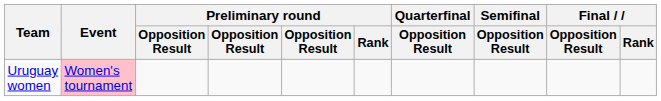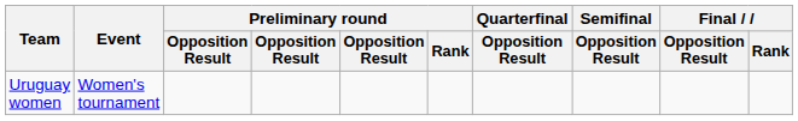 <table class="wikitable" style="font-size:90%;text-align:center">
 <tr>
 <th rowspan=2>Team</th>
 <th rowspan=2>Event</th>
 <th colspan=4>Preliminary round</th>
 <th>Quarterfinal</th>
 <th>Semifinal</th>
 <th colspan=2>Final /  / </th>
 </tr>
 <tr style=font-size:95%>
 <th>Opposition<br>Result</th>
 <th>Opposition<br>Result</th>
 <th>Opposition<br>Result</th>
 <th>Rank</th>
 <th>Opposition<br>Result</th>
 <th>Opposition<br>Result</th>
 <th>Opposition<br>Result</th>
 <th>Rank</th>
 </tr>
 <tr>
 <td style="text-align:left"><a href='#'>Uruguay women</a></td>
-<td style="background: pink; text-align:left"><a href='#'>Women's tournament</a></td>
+<td style="text-align:left"><a href='#'>Women's tournament</a></td>
 <td></td>
 <td></td>
 <td></td>
 <td></td>
 <td></td>
 <td></td>
 <td></td>
 <td></td>
 </tr>
 </table>
